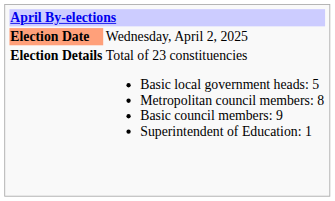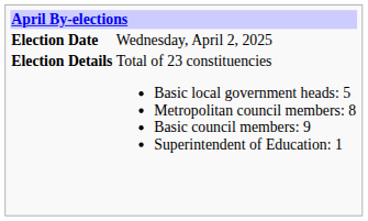 <table class="infobox">
 <tr>
 <td colspan="2" style="background-color:#ccccff;"><strong><a href='#'>April By-elections</a></strong></td>
 </tr>
 <tr>
-<td style="background: lightsalmon;"><strong>Election Date</strong></td>
+<td><strong>Election Date</strong></td>
 <td>Wednesday, April 2, 2025</td>
 </tr>
 <tr>
 <td><strong>Election Details</strong></td>
 <td>Total of 23 constituencies<br><ul><li>Basic local government heads: 5</li><li>Metropolitan council members: 8</li><li>Basic council members: 9</li><li>Superintendent of Education: 1</li></ul></td>
 </tr>
 <tr>
 <td colspan="2"><br></td>
 </tr>
 <tr>
 <td colspan="2"><br> </td>
 </tr>
 </table>
